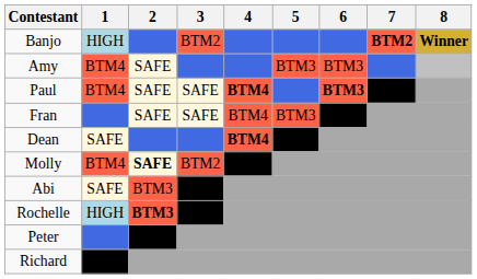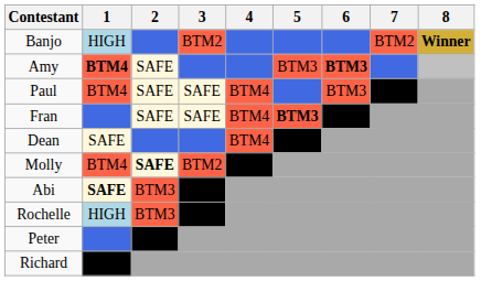 <table class="wikitable" border="2" style="text-align:center;font-size:96%">
 <tr>
 <th>Contestant</th>
 <th>1</th>
 <th>2</th>
 <th>3</th>
 <th>4</th>
 <th>5</th>
 <th>6</th>
 <th>7</th>
 <th>8</th>
 </tr>
 <tr>
 <td>Banjo</td>
 <td style="background:lightblue;”">HIGH</td>
 <td style="background:royalblue;”"><strong></strong></td>
 <td style="background:tomato;">BTM2</td>
 <td style="background:royalblue;”"><strong></strong></td>
 <td style="background:royalblue;”"><strong></strong></td>
 <td style="background:royalblue;”"><strong></strong></td>
-<td style="background:tomato;"><strong>BTM2</strong></td>
+<td style="background:tomato;">BTM2</td>
 <td style="background:#D4AF37;" nowrap><strong>Winner</strong></td>
 </tr>
 <tr>
 <td>Amy</td>
-<td style="background:tomato;">BTM4</td>
+<td style="background:tomato;"><strong>BTM4</strong></td>
 <td style="background:cornsilk;">SAFE</td>
 <td style="background:royalblue;”"><strong></strong></td>
 <td style="background:royalblue;”"><strong></strong></td>
 <td style="background:tomato;">BTM3</td>
-<td style="background:tomato;">BTM3</td>
+<td style="background:tomato;"><strong>BTM3</strong></td>
 <td style="background:royalblue;”"><strong></strong></td>
 <td style="background:silver"><strong></strong></td>
 </tr>
 <tr>
 <td>Paul</td>
 <td style="background:tomato;">BTM4</td>
 <td style="background:cornsilk;">SAFE</td>
 <td style="background:cornsilk;">SAFE</td>
-<td style="background:tomato;"><strong>BTM4</strong></td>
+<td style="background:tomato;">BTM4</td>
 <td style="background:royalblue;”"><strong></strong></td>
-<td style="background:tomato;"><strong>BTM3</strong></td>
+<td style="background:tomato;">BTM3</td>
 <td style="background:black;"><strong></strong></td>
 <td colspan="10" style="background:darkgrey;"></td>
 </tr>
 <tr>
 <td>Fran</td>
 <td style="background:royalblue;”"><strong></strong></td>
 <td style="background:cornsilk;">SAFE</td>
 <td style="background:cornsilk;">SAFE</td>
 <td style="background:tomato;">BTM4</td>
-<td style="background:tomato;">BTM3</td>
+<td style="background:tomato;"><strong>BTM3</strong></td>
 <td style="background:black;"><strong></strong></td>
 <td colspan="10" style="background:darkgrey;"></td>
 </tr>
 <tr>
 <td>Dean</td>
 <td style="background:cornsilk;">SAFE</td>
 <td style="background:royalblue;”"><strong></strong></td>
 <td style="background:royalblue;”"><strong></strong></td>
-<td style="background:tomato;"><strong>BTM4</strong></td>
+<td style="background:tomato;">BTM4</td>
 <td style="background:black;"><strong></strong></td>
 <td colspan="10" style="background:darkgrey;"></td>
 </tr>
 <tr>
 <td>Molly</td>
 <td style="background:tomato;">BTM4</td>
 <td style="background:cornsilk;"><strong>SAFE</strong></td>
 <td style="background:tomato;">BTM2</td>
 <td style="background:black;"><strong></strong></td>
 <td colspan="10" style="background:darkgrey;"></td>
 </tr>
 <tr>
 <td>Abi</td>
-<td style="background:cornsilk;">SAFE</td>
+<td style="background:cornsilk;"><strong>SAFE</strong></td>
 <td style="background:tomato;">BTM3</td>
 <td style="background:black;"><strong></strong></td>
 <td colspan="10" style="background:darkgrey;"></td>
 </tr>
 <tr>
 <td>Rochelle</td>
 <td style="background:lightblue;”">HIGH</td>
-<td style="background:tomato;"><strong>BTM3</strong></td>
+<td style="background:tomato;">BTM3</td>
 <td style="background:black;"><strong></strong></td>
 <td colspan="10" style="background:darkgrey;"></td>
 </tr>
 <tr>
 <td>Peter</td>
 <td style="background:royalblue;”"><strong></strong></td>
 <td style="background:black;"><strong></strong></td>
 <td colspan="10" style="background:darkgrey;"></td>
 </tr>
 <tr>
 <td>Richard</td>
 <td style="background:black;"><strong></strong></td>
 <td colspan="10" style="background:darkgrey;"></td>
 </tr>
 </table>
